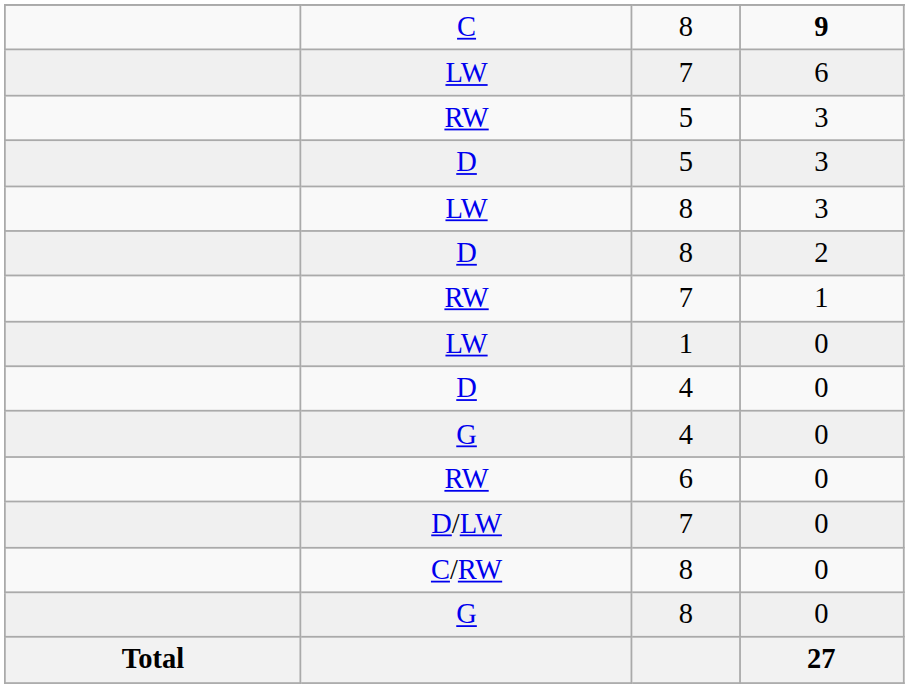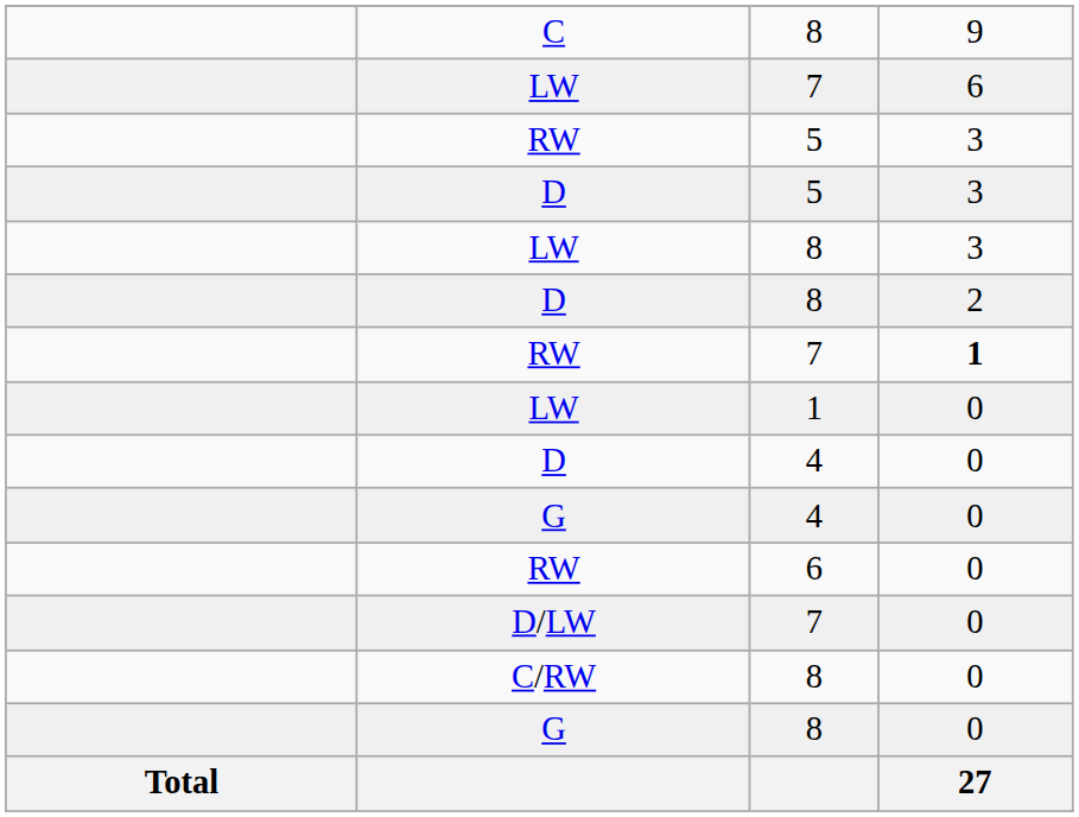 <table class="wikitable sortable" width ="40%">
 <tr align="center">
 </tr>
 <tr align="center" bgcolor="">
 <td></td>
 <td><a href='#'>C</a></td>
 <td>8</td>
-<td><strong>9</strong></td>
+<td>9</td>
 </tr>
 <tr align="center" bgcolor="f0f0f0">
 <td></td>
 <td><a href='#'>LW</a></td>
 <td>7</td>
 <td>6</td>
 </tr>
 <tr align="center" bgcolor="">
 <td></td>
 <td><a href='#'>RW</a></td>
 <td>5</td>
 <td>3</td>
 </tr>
 <tr align="center" bgcolor="f0f0f0">
 <td></td>
 <td><a href='#'>D</a></td>
 <td>5</td>
 <td>3</td>
 </tr>
 <tr align="center" bgcolor="">
 <td></td>
 <td><a href='#'>LW</a></td>
 <td>8</td>
 <td>3</td>
 </tr>
 <tr align="center" bgcolor="f0f0f0">
 <td></td>
 <td><a href='#'>D</a></td>
 <td>8</td>
 <td>2</td>
 </tr>
 <tr align="center" bgcolor="">
 <td></td>
 <td><a href='#'>RW</a></td>
 <td>7</td>
-<td>1</td>
+<td><strong>1</strong></td>
 </tr>
 <tr align="center" bgcolor="f0f0f0">
 <td></td>
 <td><a href='#'>LW</a></td>
 <td>1</td>
 <td>0</td>
 </tr>
 <tr align="center" bgcolor="">
 <td></td>
 <td><a href='#'>D</a></td>
 <td>4</td>
 <td>0</td>
 </tr>
 <tr align="center" bgcolor="f0f0f0">
 <td></td>
 <td><a href='#'>G</a></td>
 <td>4</td>
 <td>0</td>
 </tr>
 <tr align="center" bgcolor="">
 <td></td>
 <td><a href='#'>RW</a></td>
 <td>6</td>
 <td>0</td>
 </tr>
 <tr align="center" bgcolor="f0f0f0">
 <td></td>
 <td><a href='#'>D</a>/<a href='#'>LW</a></td>
 <td>7</td>
 <td>0</td>
 </tr>
 <tr align="center" bgcolor="">
 <td></td>
 <td><a href='#'>C</a>/<a href='#'>RW</a></td>
 <td>8</td>
 <td>0</td>
 </tr>
 <tr align="center" bgcolor="f0f0f0">
 <td></td>
 <td><a href='#'>G</a></td>
 <td>8</td>
 <td>0</td>
 </tr>
 <tr>
 <th>Total</th>
 <th></th>
 <th></th>
 <th>27</th>
 </tr>
 </table>
